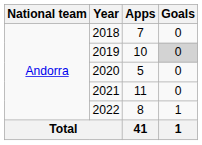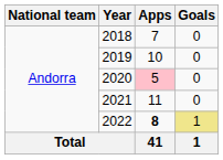 <table class="wikitable" style="text-align:center">
 <tr>
 <th>National team</th>
 <th>Year</th>
 <th>Apps</th>
 <th>Goals</th>
 </tr>
 <tr>
 <td rowspan=5><a href='#'>Andorra</a></td>
 <td>2018</td>
 <td>7</td>
 <td>0</td>
 </tr>
 <tr>
 <td>2019</td>
 <td>10</td>
-<td style="background: lightgrey;">0</td>
+<td>0</td>
 </tr>
 <tr>
 <td>2020</td>
-<td>5</td>
+<td style="background: pink;">5</td>
 <td>0</td>
 </tr>
 <tr>
 <td>2021</td>
 <td>11</td>
 <td>0</td>
 </tr>
 <tr>
 <td>2022</td>
-<td>8</td>
-<td>1</td>
+<td><strong>8</strong></td>
+<td style="background: khaki;">1</td>
 </tr>
 <tr>
 <th colspan=2>Total</th>
 <th>41</th>
 <th>1</th>
 </tr>
 </table>
